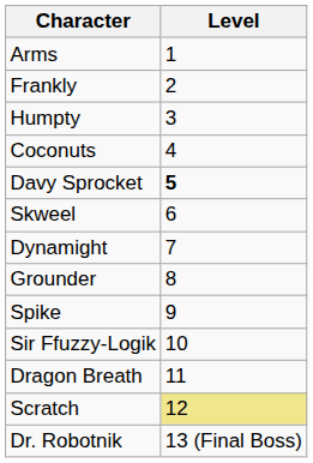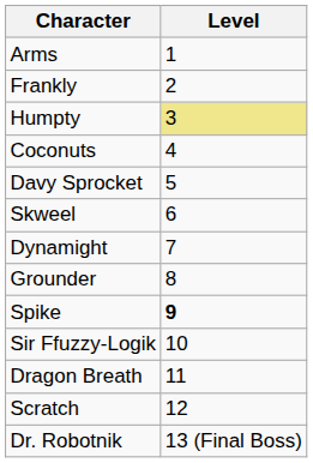 <table class="wikitable">
 <tr>
 <th>Character</th>
 <th>Level</th>
 </tr>
 <tr>
 <td>Arms</td>
 <td>1</td>
 </tr>
 <tr>
 <td>Frankly</td>
 <td>2</td>
 </tr>
 <tr>
 <td>Humpty</td>
-<td>3</td>
+<td style="background: khaki;">3</td>
 </tr>
 <tr>
 <td>Coconuts</td>
 <td>4</td>
 </tr>
 <tr>
 <td>Davy Sprocket</td>
-<td><strong>5</strong></td>
+<td>5</td>
 </tr>
 <tr>
 <td>Skweel</td>
 <td>6</td>
 </tr>
 <tr>
 <td>Dynamight</td>
 <td>7</td>
 </tr>
 <tr>
 <td>Grounder</td>
 <td>8</td>
 </tr>
 <tr>
 <td>Spike</td>
-<td>9</td>
+<td><strong>9</strong></td>
 </tr>
 <tr>
 <td>Sir Ffuzzy-Logik</td>
 <td>10</td>
 </tr>
 <tr>
 <td>Dragon Breath</td>
 <td>11</td>
 </tr>
 <tr>
 <td>Scratch</td>
-<td style="background: khaki;">12</td>
+<td>12</td>
 </tr>
 <tr>
 <td>Dr. Robotnik</td>
 <td>13 (Final Boss)</td>
 </tr>
 </table>
